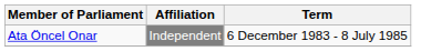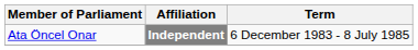 <table class="wikitable">
 <tr>
 <th>Member of Parliament</th>
 <th>Affiliation</th>
 <th>Term</th>
 </tr>
 <tr>
 <td><a href='#'>Ata Öncel Onar</a></td>
-<td style="background:gray; color:white">Independent</td>
+<td style="background:gray; color:white"><strong>Independent</strong></td>
 <td>6 December 1983 - 8 July 1985</td>
 </tr>
 <tr>
 </tr>
 </table>
